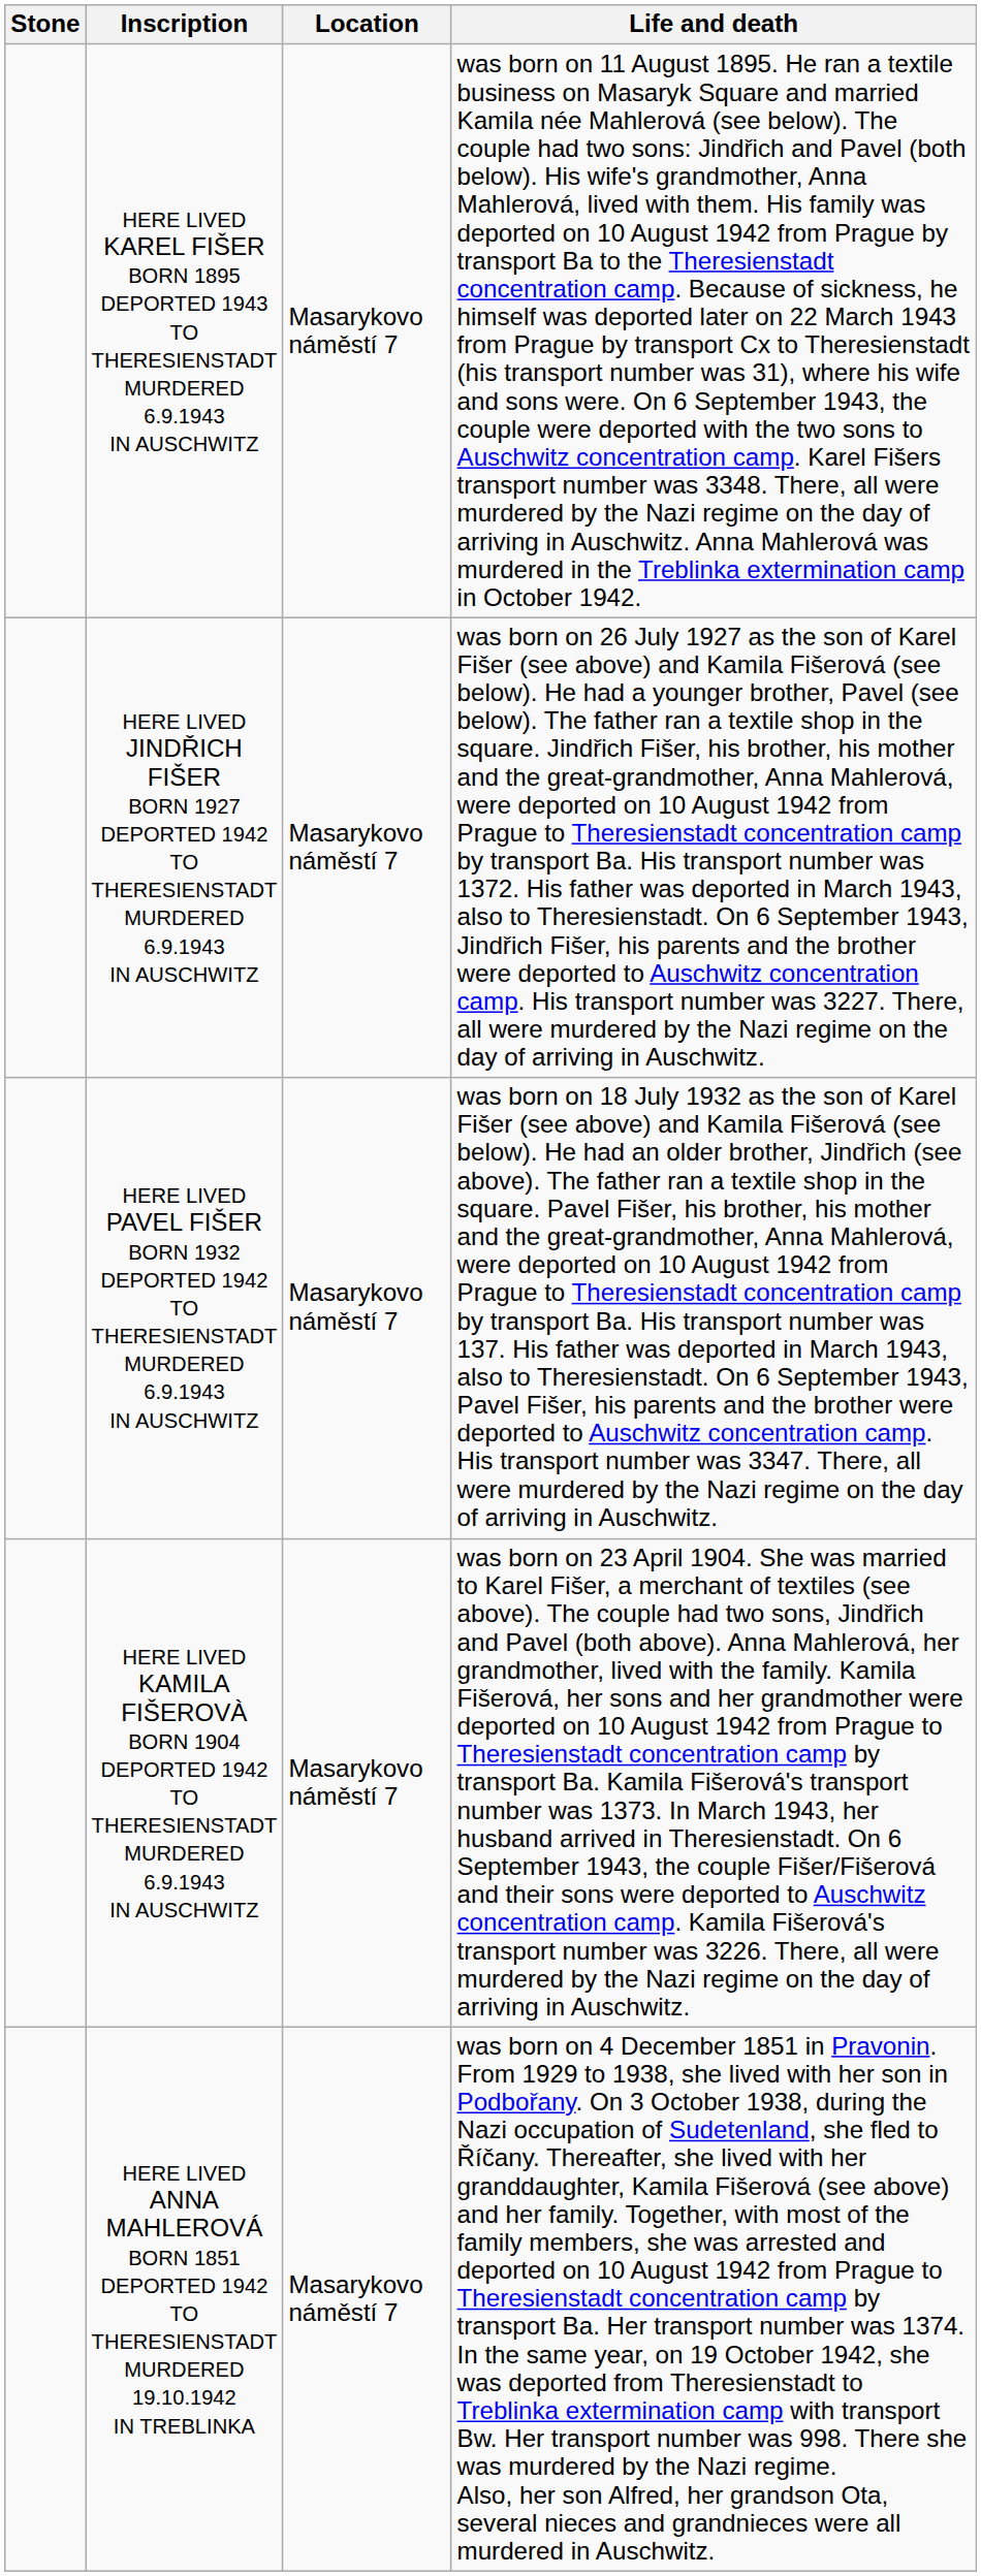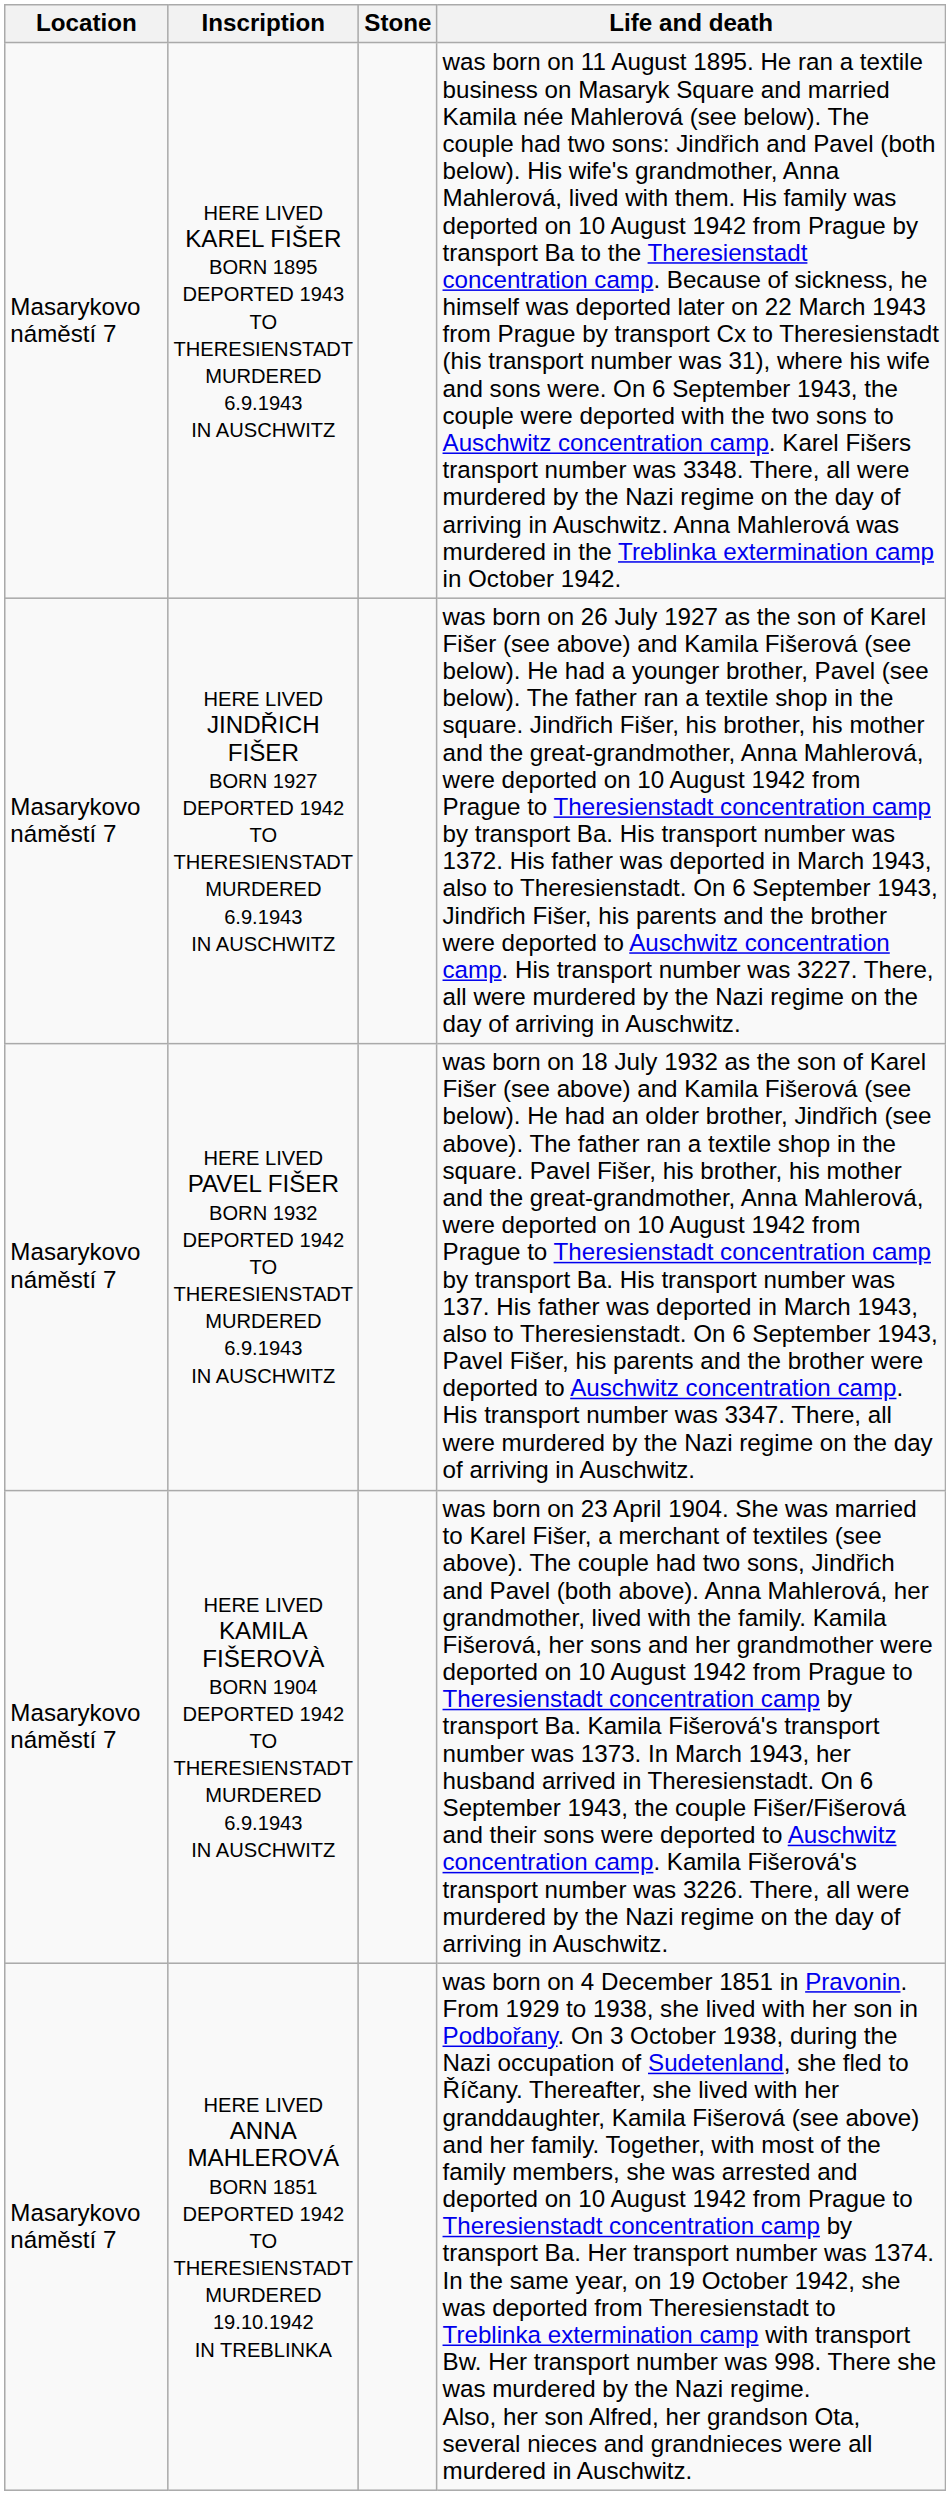 <table class="wikitable sortable toptextcells" style="width:100%">
 <tr>
+<th class="hintergrundfarbe6" data-sort-type="text" style ="width:18%;">Location</th>
+<th class="hintergrundfarbe6" style ="width:18%;">Inscription</th>
 <th class="hintergrundfarbe6 unsortable" width="120px">Stone</th>
-<th class="hintergrundfarbe6" style ="width:18%;">Inscription</th>
-<th class="hintergrundfarbe6" data-sort-type="text" style ="width:18%;">Location</th>
 <th class="hintergrundfarbe6" style="width:100%;">Life and death</th>
 </tr>
 <tr>
+<td>Masarykovo náměstí 7<br> </td>
+<td style="text-align:center"><div><small>HERE LIVED</small><br>KAREL FIŠER<br><small>BORN 1895<br>DEPORTED 1943<br>TO THERESIENSTADT<br>MURDERED 6.9.1943<br>IN AUSCHWITZ</small></div></td>
 <td></td>
-<td style="text-align:center"><div><small>HERE LIVED</small><br>KAREL FIŠER<br><small>BORN 1895<br>DEPORTED 1943<br>TO THERESIENSTADT<br>MURDERED 6.9.1943<br>IN AUSCHWITZ</small></div></td>
-<td>Masarykovo náměstí 7<br> </td>
 <td> was born on 11 August 1895. He ran a textile business on Masaryk Square and married Kamila née Mahlerová (see below). The couple had two sons: Jindřich and Pavel (both below). His wife's grandmother, Anna Mahlerová, lived with them. His family was deported on 10 August 1942 from Prague by transport Ba to the <a href='#'>Theresienstadt concentration camp</a>. Because of sickness, he himself was deported later on 22 March 1943 from Prague by transport Cx to Theresienstadt (his transport number was 31), where his wife and sons were. On 6 September 1943, the couple were deported with the two sons to <a href='#'>Auschwitz concentration camp</a>. Karel Fišers transport number was 3348. There, all were murdered by the Nazi regime on the day of arriving in Auschwitz. Anna Mahlerová was murdered in the <a href='#'>Treblinka extermination camp</a> in October 1942.</td>
 </tr>
 <tr>
+<td>Masarykovo náměstí 7<br> </td>
+<td style="text-align:center"><div><small>HERE LIVED</small><br>JINDŘICH FIŠER<br><small>BORN 1927<br>DEPORTED 1942<br>TO THERESIENSTADT<br>MURDERED 6.9.1943<br>IN AUSCHWITZ</small></div></td>
 <td></td>
-<td style="text-align:center"><div><small>HERE LIVED</small><br>JINDŘICH FIŠER<br><small>BORN 1927<br>DEPORTED 1942<br>TO THERESIENSTADT<br>MURDERED 6.9.1943<br>IN AUSCHWITZ</small></div></td>
-<td>Masarykovo náměstí 7<br> </td>
 <td> was born on 26 July 1927 as the son of Karel Fišer (see above) and Kamila Fišerová (see below). He had a younger brother, Pavel (see below). The father ran a textile shop in the square. Jindřich Fišer, his brother, his mother and the great-grandmother, Anna Mahlerová, were deported on 10 August 1942 from Prague to <a href='#'>Theresienstadt concentration camp</a> by transport Ba. His transport number was 1372. His father was deported in March 1943, also to Theresienstadt. On 6 September 1943, Jindřich Fišer, his parents and the brother were deported to <a href='#'>Auschwitz concentration camp</a>. His transport number was 3227. There, all were murdered by the Nazi regime on the day of arriving in Auschwitz.</td>
 </tr>
 <tr>
+<td>Masarykovo náměstí 7<br> </td>
+<td style="text-align:center"><div><small>HERE LIVED</small><br>PAVEL FIŠER<br><small>BORN 1932<br>DEPORTED 1942<br>TO THERESIENSTADT<br>MURDERED 6.9.1943<br>IN AUSCHWITZ</small></div></td>
 <td></td>
-<td style="text-align:center"><div><small>HERE LIVED</small><br>PAVEL FIŠER<br><small>BORN 1932<br>DEPORTED 1942<br>TO THERESIENSTADT<br>MURDERED 6.9.1943<br>IN AUSCHWITZ</small></div></td>
-<td>Masarykovo náměstí 7<br> </td>
 <td> was born on 18 July 1932 as the son of Karel Fišer (see above) and Kamila Fišerová (see below). He had an older brother, Jindřich (see above). The father ran a textile shop in the square. Pavel Fišer, his brother, his mother and the great-grandmother, Anna Mahlerová, were deported on 10 August 1942 from Prague to <a href='#'>Theresienstadt concentration camp</a> by transport Ba. His transport number was 137. His father was deported in March 1943, also to Theresienstadt. On 6 September 1943, Pavel Fišer, his parents and the brother were deported to <a href='#'>Auschwitz concentration camp</a>. His transport number was 3347. There, all were murdered by the Nazi regime on the day of arriving in Auschwitz.</td>
 </tr>
 <tr>
+<td>Masarykovo náměstí 7<br> </td>
+<td style="text-align:center"><div><small>HERE LIVED</small><br>KAMILA FIŠEROVÀ<br><small>BORN 1904<br>DEPORTED 1942<br>TO THERESIENSTADT<br>MURDERED 6.9.1943<br>IN AUSCHWITZ</small></div></td>
 <td></td>
-<td style="text-align:center"><div><small>HERE LIVED</small><br>KAMILA FIŠEROVÀ<br><small>BORN 1904<br>DEPORTED 1942<br>TO THERESIENSTADT<br>MURDERED 6.9.1943<br>IN AUSCHWITZ</small></div></td>
-<td>Masarykovo náměstí 7<br> </td>
 <td> was born on 23 April 1904. She was married to Karel Fišer, a merchant of textiles (see above). The couple had two sons, Jindřich and Pavel (both above). Anna Mahlerová, her grandmother, lived with the family. Kamila Fišerová, her sons and her grandmother were deported on 10 August 1942 from Prague to <a href='#'>Theresienstadt concentration camp</a> by transport Ba. Kamila Fišerová's transport number was 1373. In March 1943, her husband arrived in Theresienstadt. On 6 September 1943, the couple Fišer/Fišerová and their sons were deported to <a href='#'>Auschwitz concentration camp</a>. Kamila Fišerová's transport number was 3226. There, all were murdered by the Nazi regime on the day of arriving in Auschwitz.</td>
 </tr>
 <tr>
+<td>Masarykovo náměstí 7<br> </td>
+<td style="text-align:center"><div><small>HERE LIVED</small><br>ANNA MAHLEROVÁ<br><small>BORN 1851<br>DEPORTED 1942<br>TO THERESIENSTADT<br>MURDERED 19.10.1942<br>IN TREBLINKA</small></div></td>
 <td></td>
-<td style="text-align:center"><div><small>HERE LIVED</small><br>ANNA MAHLEROVÁ<br><small>BORN 1851<br>DEPORTED 1942<br>TO THERESIENSTADT<br>MURDERED 19.10.1942<br>IN TREBLINKA</small></div></td>
-<td>Masarykovo náměstí 7<br> </td>
 <td> was born on 4 December 1851 in <a href='#'>Pravonin</a>. From 1929 to 1938, she lived with her son in <a href='#'>Podbořany</a>. On 3 October 1938, during the Nazi occupation of <a href='#'>Sudetenland</a>, she fled to Říčany. Thereafter, she lived with her granddaughter, Kamila Fišerová (see above) and her family. Together, with most of the family members, she was arrested and deported on 10 August 1942 from Prague to <a href='#'>Theresienstadt concentration camp</a> by transport Ba. Her transport number was 1374. In the same year, on 19 October 1942, she was deported  from Theresienstadt to <a href='#'>Treblinka extermination camp</a> with transport Bw. Her transport number was 998. There she was murdered by the Nazi regime.<br>Also, her son Alfred, her grandson Ota, several nieces and grandnieces were all murdered in Auschwitz.</td>
 </tr>
 </table>
